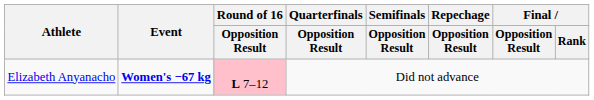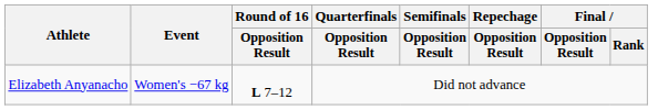 <table class="wikitable" style="font-size:90%;">
 <tr>
 <th rowspan=2>Athlete</th>
 <th rowspan=2>Event</th>
 <th>Round of 16</th>
 <th>Quarterfinals</th>
 <th>Semifinals</th>
 <th>Repechage</th>
 <th colspan=2>Final / </th>
 </tr>
 <tr style="font-size:95%">
 <th>Opposition<br>Result</th>
 <th>Opposition<br>Result</th>
 <th>Opposition<br>Result</th>
 <th>Opposition<br>Result</th>
 <th>Opposition<br>Result</th>
 <th>Rank</th>
 </tr>
 <tr align=center>
 <td align=left><a href='#'>Elizabeth Anyanacho</a></td>
-<td align=left><strong><a href='#'>Women's −67 kg</a></strong></td>
-<td style="background: pink;"><br><strong>L</strong> 7–12</td>
+<td align=left><a href='#'>Women's −67 kg</a></td>
+<td><br><strong>L</strong> 7–12</td>
 <td colspan="5">Did not advance</td>
 </tr>
 </table>
